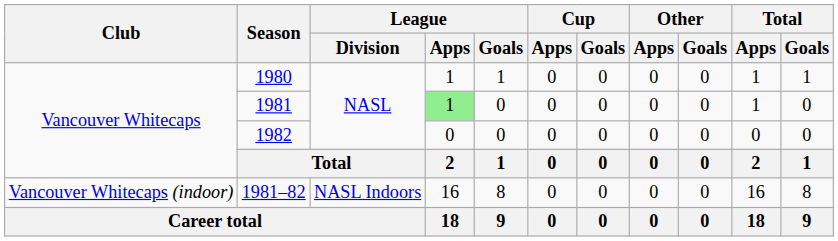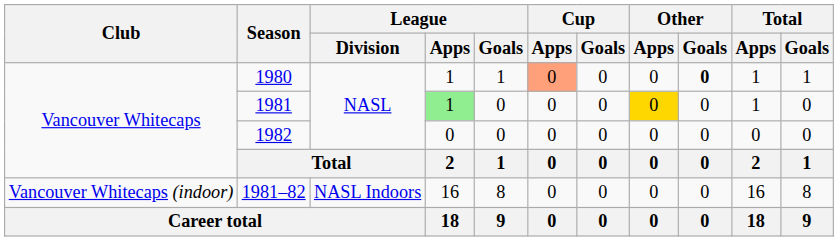 <table class="wikitable" style="text-align: center">
 <tr>
 <th rowspan="2">Club</th>
 <th rowspan="2">Season</th>
 <th colspan="3">League</th>
 <th colspan="2">Cup</th>
 <th colspan="2">Other</th>
 <th colspan="2">Total</th>
 </tr>
 <tr>
 <th>Division</th>
 <th>Apps</th>
 <th>Goals</th>
 <th>Apps</th>
 <th>Goals</th>
 <th>Apps</th>
 <th>Goals</th>
 <th>Apps</th>
 <th>Goals</th>
 </tr>
 <tr>
 <td rowspan="4"><a href='#'>Vancouver Whitecaps</a></td>
 <td><a href='#'>1980</a></td>
 <td rowspan="3"><a href='#'>NASL</a></td>
 <td>1</td>
 <td>1</td>
+<td style="background: lightsalmon;">0</td>
 <td>0</td>
 <td>0</td>
-<td>0</td>
-<td>0</td>
+<td><strong>0</strong></td>
 <td>1</td>
 <td>1</td>
 </tr>
 <tr>
 <td><a href='#'>1981</a></td>
 <td style="background: lightgreen;">1</td>
 <td>0</td>
 <td>0</td>
 <td>0</td>
-<td>0</td>
+<td style="background: gold;">0</td>
 <td>0</td>
 <td>1</td>
 <td>0</td>
 </tr>
 <tr>
 <td><a href='#'>1982</a></td>
 <td>0</td>
 <td>0</td>
 <td>0</td>
 <td>0</td>
 <td>0</td>
 <td>0</td>
 <td>0</td>
 <td>0</td>
 </tr>
 <tr>
 <th colspan="2"><strong>Total</strong></th>
 <th>2</th>
 <th>1</th>
 <th>0</th>
 <th>0</th>
 <th>0</th>
 <th>0</th>
 <th>2</th>
 <th>1</th>
 </tr>
 <tr>
 <td><a href='#'>Vancouver Whitecaps</a> <em>(indoor)</em></td>
 <td><a href='#'>1981–82</a></td>
 <td><a href='#'>NASL Indoors</a></td>
 <td>16</td>
 <td>8</td>
 <td>0</td>
 <td>0</td>
 <td>0</td>
 <td>0</td>
 <td>16</td>
 <td>8</td>
 </tr>
 <tr>
 <th colspan="3"><strong>Career total</strong></th>
 <th>18</th>
 <th>9</th>
 <th>0</th>
 <th>0</th>
 <th>0</th>
 <th>0</th>
 <th>18</th>
 <th>9</th>
 </tr>
 </table>
